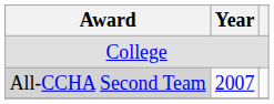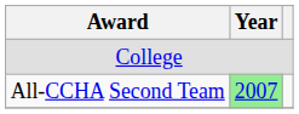 <table class="wikitable">
 <tr>
 <th>Award</th>
 <th>Year</th>
 <th></th>
 </tr>
 <tr ALIGN="center" bgcolor="#e0e0e0">
 <td colspan="3"><a href='#'>College</a></td>
 </tr>
 <tr>
-<td style="background: lightgrey;">All-<a href='#'>CCHA</a> <a href='#'>Second Team</a></td>
-<td><a href='#'>2007</a></td>
+<td>All-<a href='#'>CCHA</a> <a href='#'>Second Team</a></td>
+<td style="background: lightgreen;"><a href='#'>2007</a></td>
 <td></td>
 </tr>
 <tr>
 </tr>
 </table>
